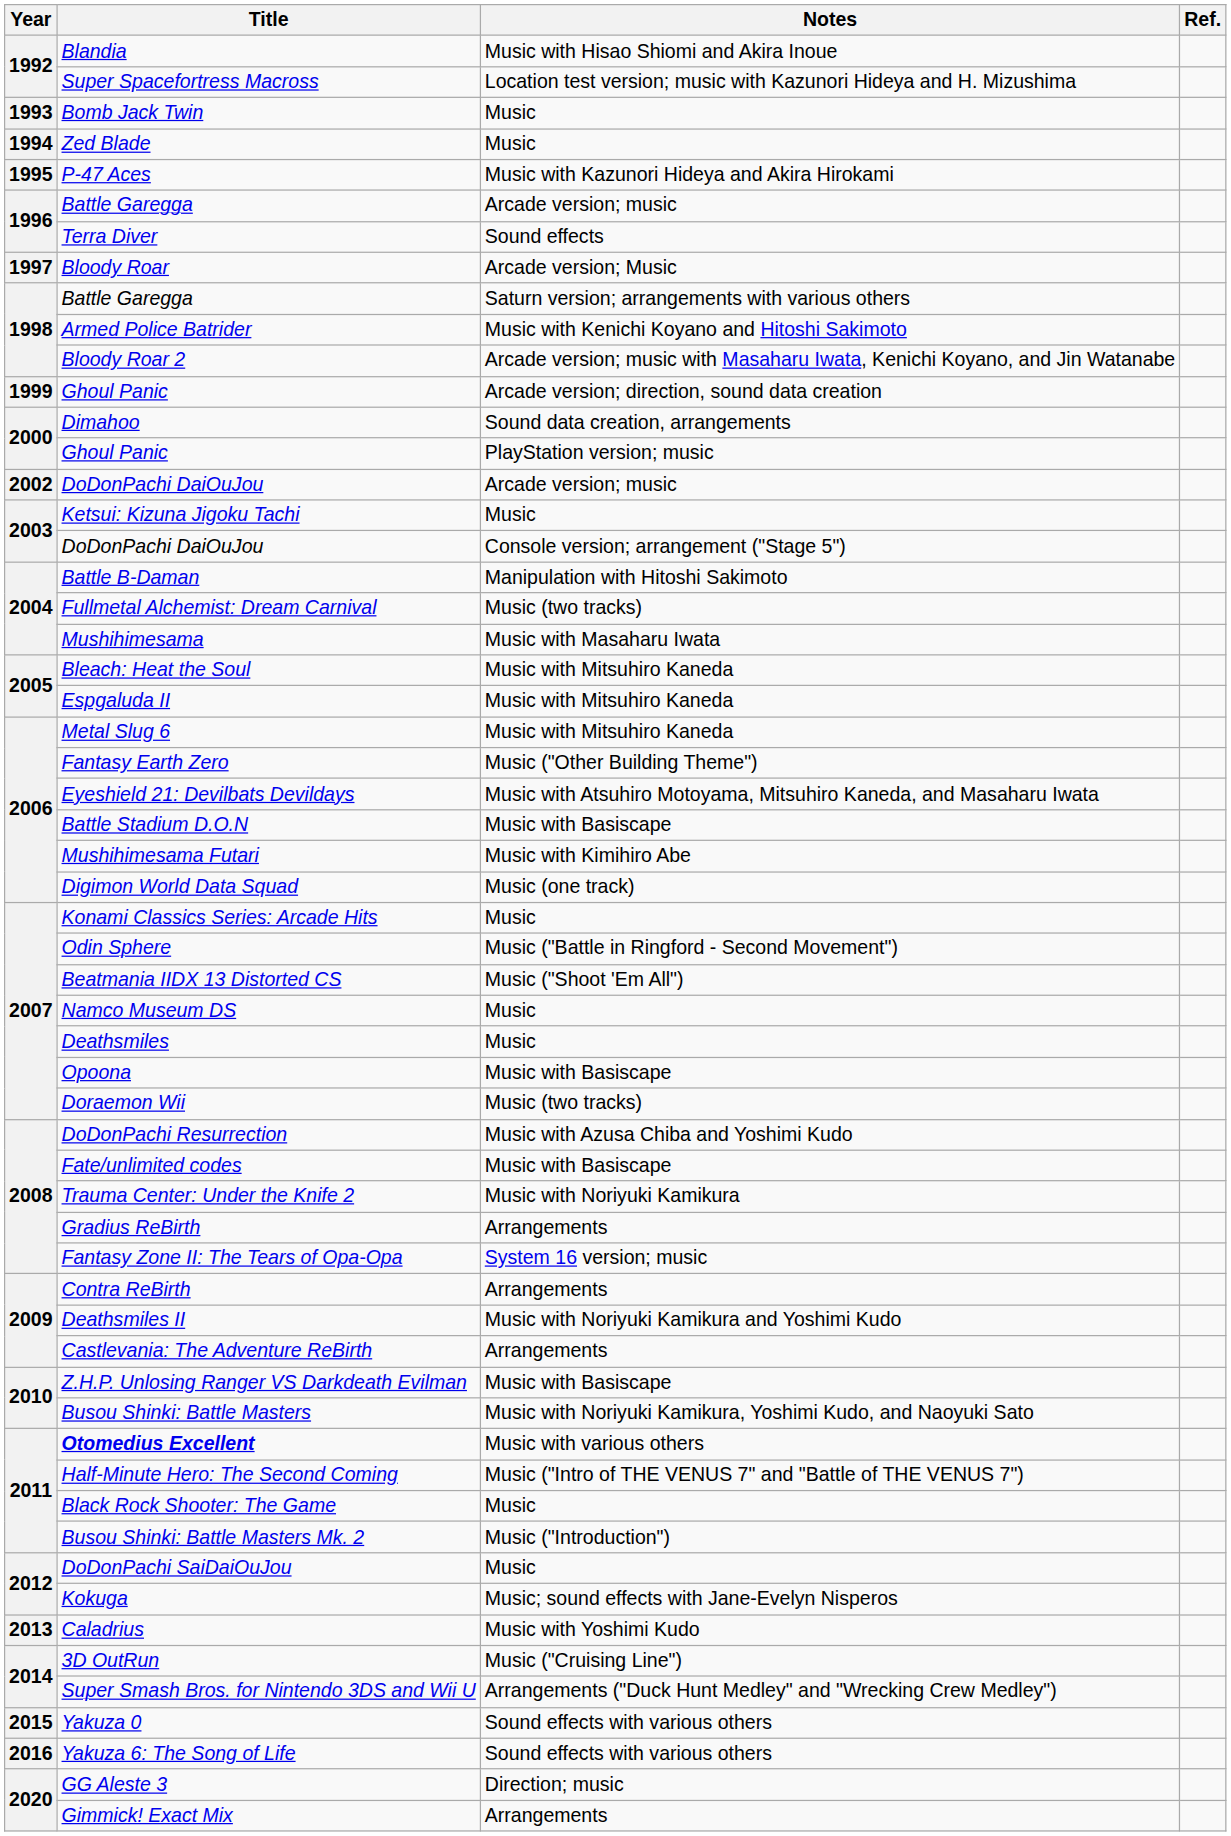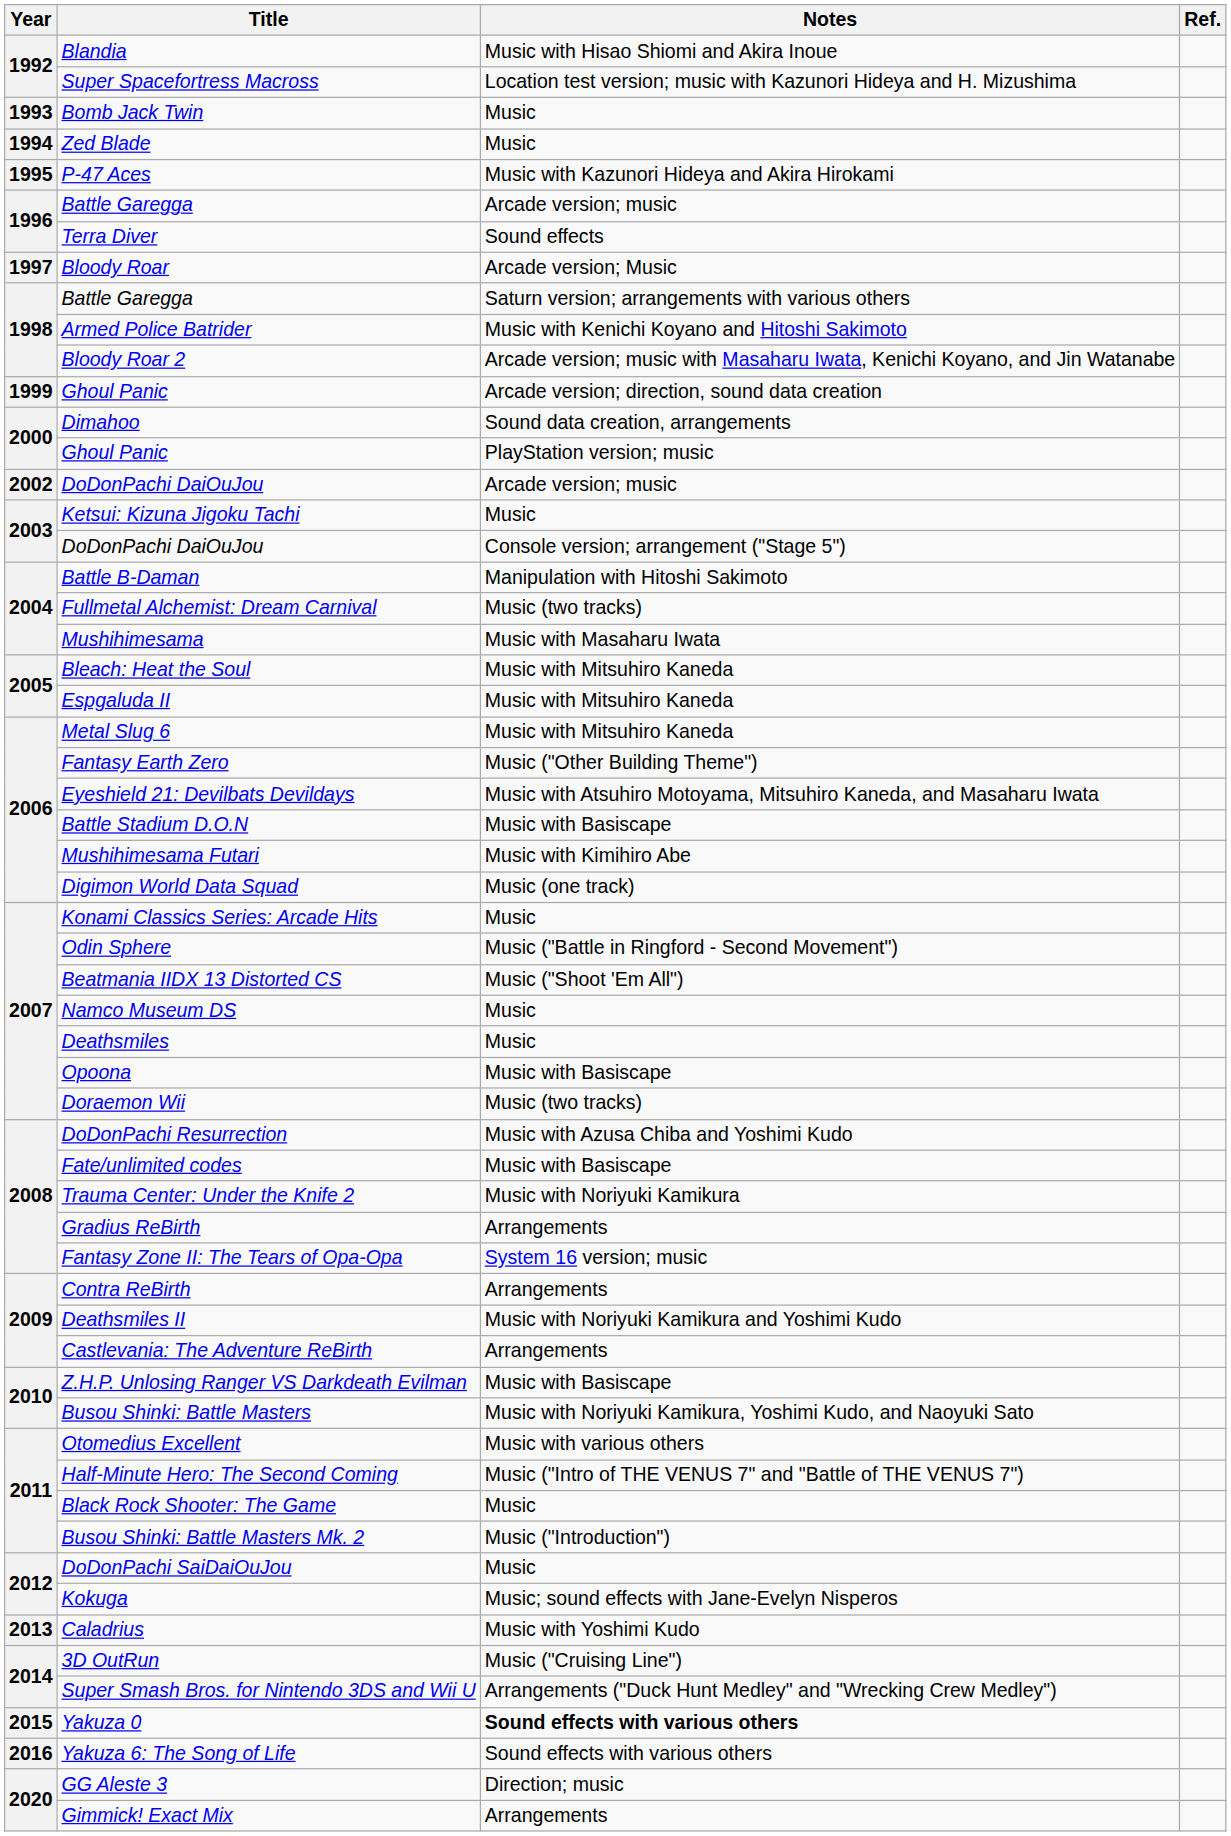 <table class="wikitable sortable">
 <tr>
 <th>Year</th>
 <th>Title</th>
 <th class="unsortable">Notes</th>
 <th class="unsortable">Ref.</th>
 </tr>
 <tr>
 <th rowspan="2">1992</th>
 <td><em><a href='#'>Blandia</a></em></td>
 <td>Music with Hisao Shiomi and Akira Inoue</td>
 <td></td>
 </tr>
 <tr>
 <td><em><a href='#'>Super Spacefortress Macross</a></em></td>
 <td>Location test version; music with Kazunori Hideya and H. Mizushima</td>
 <td></td>
 </tr>
 <tr>
 <th rowspan="1">1993</th>
 <td><em><a href='#'>Bomb Jack Twin</a></em></td>
 <td>Music</td>
 <td></td>
 </tr>
 <tr>
 <th rowspan="1">1994</th>
 <td><em><a href='#'>Zed Blade</a></em></td>
 <td>Music</td>
 <td></td>
 </tr>
 <tr>
 <th rowspan="1">1995</th>
 <td><em><a href='#'>P-47 Aces</a></em></td>
 <td>Music with Kazunori Hideya and Akira Hirokami</td>
 <td></td>
 </tr>
 <tr>
 <th rowspan="2">1996</th>
 <td><em><a href='#'>Battle Garegga</a></em></td>
 <td>Arcade version; music</td>
 <td></td>
 </tr>
 <tr>
 <td><em><a href='#'>Terra Diver</a></em></td>
 <td>Sound effects</td>
 <td></td>
 </tr>
 <tr>
 <th rowspan="1">1997</th>
 <td><em><a href='#'>Bloody Roar</a></em></td>
 <td>Arcade version; Music</td>
 <td></td>
 </tr>
 <tr>
 <th rowspan="3">1998</th>
 <td><em>Battle Garegga</em></td>
 <td>Saturn version; arrangements with various others</td>
 <td></td>
 </tr>
 <tr>
 <td><em><a href='#'>Armed Police Batrider</a></em></td>
 <td>Music with Kenichi Koyano and <a href='#'>Hitoshi Sakimoto</a></td>
 <td></td>
 </tr>
 <tr>
 <td><em><a href='#'>Bloody Roar 2</a></em></td>
 <td>Arcade version; music with <a href='#'>Masaharu Iwata</a>, Kenichi Koyano, and Jin Watanabe</td>
 <td></td>
 </tr>
 <tr>
 <th rowspan="1">1999</th>
 <td><em><a href='#'>Ghoul Panic</a></em></td>
 <td>Arcade version; direction, sound data creation</td>
 <td></td>
 </tr>
 <tr>
 <th rowspan="2">2000</th>
 <td><em><a href='#'>Dimahoo</a></em></td>
 <td>Sound data creation, arrangements</td>
 <td></td>
 </tr>
 <tr>
 <td><em><a href='#'>Ghoul Panic</a></em></td>
 <td>PlayStation version; music</td>
 <td></td>
 </tr>
 <tr>
 <th rowspan="1">2002</th>
 <td><em><a href='#'>DoDonPachi DaiOuJou</a></em></td>
 <td>Arcade version; music</td>
 <td></td>
 </tr>
 <tr>
 <th rowspan="2">2003</th>
 <td><em><a href='#'>Ketsui: Kizuna Jigoku Tachi</a></em></td>
 <td>Music</td>
 <td></td>
 </tr>
 <tr>
 <td><em>DoDonPachi DaiOuJou</em></td>
 <td>Console version; arrangement ("Stage 5")</td>
 <td></td>
 </tr>
 <tr>
 <th rowspan="3">2004</th>
 <td><em><a href='#'>Battle B-Daman</a></em></td>
 <td>Manipulation with Hitoshi Sakimoto</td>
 <td></td>
 </tr>
 <tr>
 <td><em><a href='#'>Fullmetal Alchemist: Dream Carnival</a></em></td>
 <td>Music (two tracks)</td>
 <td></td>
 </tr>
 <tr>
 <td><em><a href='#'>Mushihimesama</a></em></td>
 <td>Music with Masaharu Iwata</td>
 <td></td>
 </tr>
 <tr>
 <th rowspan="2">2005</th>
 <td><em><a href='#'>Bleach: Heat the Soul</a></em></td>
 <td>Music with Mitsuhiro Kaneda</td>
 <td></td>
 </tr>
 <tr>
 <td><em><a href='#'>Espgaluda II</a></em></td>
 <td>Music with Mitsuhiro Kaneda</td>
 <td></td>
 </tr>
 <tr>
 <th rowspan="6">2006</th>
 <td><em><a href='#'>Metal Slug 6</a></em></td>
 <td>Music with Mitsuhiro Kaneda</td>
 <td></td>
 </tr>
 <tr>
 <td><em><a href='#'>Fantasy Earth Zero</a></em></td>
 <td>Music ("Other Building Theme")</td>
 <td></td>
 </tr>
 <tr>
 <td><em><a href='#'>Eyeshield 21: Devilbats Devildays</a></em></td>
 <td>Music with Atsuhiro Motoyama, Mitsuhiro Kaneda, and Masaharu Iwata</td>
 <td></td>
 </tr>
 <tr>
 <td><em><a href='#'>Battle Stadium D.O.N</a></em></td>
 <td>Music with Basiscape</td>
 <td></td>
 </tr>
 <tr>
 <td><em><a href='#'>Mushihimesama Futari</a></em></td>
 <td>Music with Kimihiro Abe</td>
 <td></td>
 </tr>
 <tr>
 <td><em><a href='#'>Digimon World Data Squad</a></em></td>
 <td>Music (one track)</td>
 <td></td>
 </tr>
 <tr>
 <th rowspan="7">2007</th>
 <td><em><a href='#'>Konami Classics Series: Arcade Hits</a></em></td>
 <td>Music</td>
 <td></td>
 </tr>
 <tr>
 <td><em><a href='#'>Odin Sphere</a></em></td>
 <td>Music ("Battle in Ringford - Second Movement")</td>
 <td></td>
 </tr>
 <tr>
 <td><em><a href='#'>Beatmania IIDX 13 Distorted CS</a></em></td>
 <td>Music ("Shoot 'Em All")</td>
 <td></td>
 </tr>
 <tr>
 <td><em><a href='#'>Namco Museum DS</a></em></td>
 <td>Music</td>
 <td></td>
 </tr>
 <tr>
 <td><em><a href='#'>Deathsmiles</a></em></td>
 <td>Music</td>
 <td></td>
 </tr>
 <tr>
 <td><em><a href='#'>Opoona</a></em></td>
 <td>Music with Basiscape</td>
 <td></td>
 </tr>
 <tr>
 <td><em><a href='#'>Doraemon Wii</a></em></td>
 <td>Music (two tracks)</td>
 <td></td>
 </tr>
 <tr>
 <th rowspan="5">2008</th>
 <td><em><a href='#'>DoDonPachi Resurrection</a></em></td>
 <td>Music with Azusa Chiba and Yoshimi Kudo</td>
 <td></td>
 </tr>
 <tr>
 <td><em><a href='#'>Fate/unlimited codes</a></em></td>
 <td>Music with Basiscape</td>
 <td></td>
 </tr>
 <tr>
 <td><em><a href='#'>Trauma Center: Under the Knife 2</a></em></td>
 <td>Music with Noriyuki Kamikura</td>
 <td></td>
 </tr>
 <tr>
 <td><em><a href='#'>Gradius ReBirth</a></em></td>
 <td>Arrangements</td>
 <td></td>
 </tr>
 <tr>
 <td><em><a href='#'>Fantasy Zone II: The Tears of Opa-Opa</a></em></td>
 <td><a href='#'>System 16</a> version; music</td>
 <td></td>
 </tr>
 <tr>
 <th rowspan="3">2009</th>
 <td><em><a href='#'>Contra ReBirth</a></em></td>
 <td>Arrangements</td>
 <td></td>
 </tr>
 <tr>
 <td><em><a href='#'>Deathsmiles II</a></em></td>
 <td>Music with Noriyuki Kamikura and Yoshimi Kudo</td>
 <td></td>
 </tr>
 <tr>
 <td><em><a href='#'>Castlevania: The Adventure ReBirth</a></em></td>
 <td>Arrangements</td>
 <td></td>
 </tr>
 <tr>
 <th rowspan="2">2010</th>
 <td><em><a href='#'>Z.H.P. Unlosing Ranger VS Darkdeath Evilman</a></em></td>
 <td>Music with Basiscape</td>
 <td></td>
 </tr>
 <tr>
 <td><em><a href='#'>Busou Shinki: Battle Masters</a></em></td>
 <td>Music with Noriyuki Kamikura, Yoshimi Kudo, and Naoyuki Sato</td>
 <td></td>
 </tr>
 <tr>
 <th rowspan="4">2011</th>
-<td><strong><em><a href='#'>Otomedius Excellent</a></em></strong></td>
+<td><em><a href='#'>Otomedius Excellent</a></em></td>
 <td>Music with various others</td>
 <td></td>
 </tr>
 <tr>
 <td><em><a href='#'>Half-Minute Hero: The Second Coming</a></em></td>
 <td>Music ("Intro of THE VENUS 7" and "Battle of THE VENUS 7")</td>
 <td></td>
 </tr>
 <tr>
 <td><em><a href='#'>Black Rock Shooter: The Game</a></em></td>
 <td>Music</td>
 <td></td>
 </tr>
 <tr>
 <td><em><a href='#'>Busou Shinki: Battle Masters Mk. 2</a></em></td>
 <td>Music ("Introduction")</td>
 <td></td>
 </tr>
 <tr>
 <th rowspan="2">2012</th>
 <td><em><a href='#'>DoDonPachi SaiDaiOuJou</a></em></td>
 <td>Music</td>
 <td></td>
 </tr>
 <tr>
 <td><em><a href='#'>Kokuga</a></em></td>
 <td>Music; sound effects with Jane-Evelyn Nisperos</td>
 <td></td>
 </tr>
 <tr>
 <th rowspan="1">2013</th>
 <td><em><a href='#'>Caladrius</a></em></td>
 <td>Music with Yoshimi Kudo</td>
 <td></td>
 </tr>
 <tr>
 <th rowspan="2">2014</th>
 <td><em><a href='#'>3D OutRun</a></em></td>
 <td>Music ("Cruising Line")</td>
 <td></td>
 </tr>
 <tr>
 <td><em><a href='#'>Super Smash Bros. for Nintendo 3DS and Wii U</a></em></td>
 <td>Arrangements ("Duck Hunt Medley" and "Wrecking Crew Medley")</td>
 <td></td>
 </tr>
 <tr>
 <th rowspan="1">2015</th>
 <td><em><a href='#'>Yakuza 0</a></em></td>
-<td>Sound effects with various others</td>
+<td><strong>Sound effects with various others</strong></td>
 <td></td>
 </tr>
 <tr>
 <th rowspan="1">2016</th>
 <td><em><a href='#'>Yakuza 6: The Song of Life</a></em></td>
 <td>Sound effects with various others</td>
 <td></td>
 </tr>
 <tr>
 <th rowspan="2">2020</th>
 <td><em><a href='#'>GG Aleste 3</a></em></td>
 <td>Direction; music</td>
 <td></td>
 </tr>
 <tr>
 <td><em><a href='#'>Gimmick! Exact Mix</a></em></td>
 <td>Arrangements</td>
 <td></td>
 </tr>
 </table>
